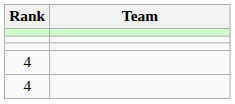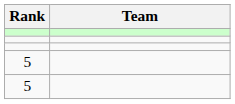 <table class="wikitable" style="text-align: center;">
 <tr>
 <th width=40>Rank</th>
 <th width=180>Team</th>
 </tr>
 <tr bgcolor="#ccffcc">
 <td></td>
 <td align="left"></td>
 </tr>
 <tr>
 <td></td>
 <td align="left"></td>
 </tr>
 <tr>
 <td></td>
 <td align="left"></td>
 </tr>
 <tr>
-<td>4</td>
+<td>5</td>
 <td align="left"></td>
 </tr>
 <tr>
-<td>4</td>
+<td>5</td>
 <td align="left"></td>
 </tr>
 </table>
